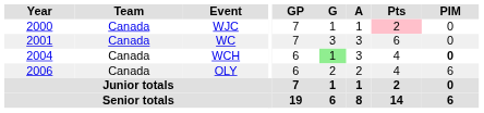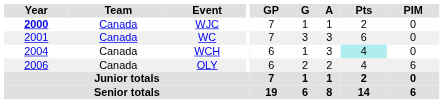 <table border="0" cellpadding="1" cellspacing="0" ID="Table3" style="text-align:center; width:40em">
 <tr bgcolor="#e0e0e0">
 <th>Year</th>
 <th>Team</th>
 <th>Event</th>
 <th rowspan="102" bgcolor="#ffffff"></th>
 <th>GP</th>
 <th>G</th>
 <th>A</th>
 <th>Pts</th>
 <th>PIM</th>
 </tr>
 <tr>
-<td><a href='#'>2000</a></td>
+<td><strong><a href='#'>2000</a></strong></td>
 <td><a href='#'>Canada</a></td>
 <td><a href='#'>WJC</a></td>
 <td>7</td>
 <td>1</td>
 <td>1</td>
-<td style="background: pink;">2</td>
+<td>2</td>
 <td>0</td>
 </tr>
 <tr bgcolor="#f0f0f0">
 <td><a href='#'>2001</a></td>
 <td><a href='#'>Canada</a></td>
 <td><a href='#'>WC</a></td>
 <td>7</td>
 <td>3</td>
 <td>3</td>
 <td>6</td>
 <td>0</td>
 </tr>
 <tr>
 <td><a href='#'>2004</a></td>
 <td>Canada</td>
 <td><a href='#'>WCH</a></td>
 <td>6</td>
-<td style="background: lightgreen;">1</td>
+<td>1</td>
 <td>3</td>
-<td>4</td>
-<td><strong>0</strong></td>
+<td style="background: paleturquoise;">4</td>
+<td>0</td>
 </tr>
 <tr bgcolor="#f0f0f0">
 <td><a href='#'>2006</a></td>
 <td>Canada</td>
 <td><a href='#'>OLY</a></td>
 <td>6</td>
 <td>2</td>
 <td>2</td>
 <td>4</td>
 <td>6</td>
 </tr>
 <tr bgcolor="#e0e0e0">
 <th colspan=4>Junior totals</th>
 <th>7</th>
 <th>1</th>
 <th>1</th>
 <th>2</th>
 <th>0</th>
 </tr>
 <tr bgcolor="#e0e0e0">
 <th colspan=4>Senior totals</th>
 <th>19</th>
 <th>6</th>
 <th>8</th>
 <th>14</th>
 <th>6</th>
 </tr>
 </table>
